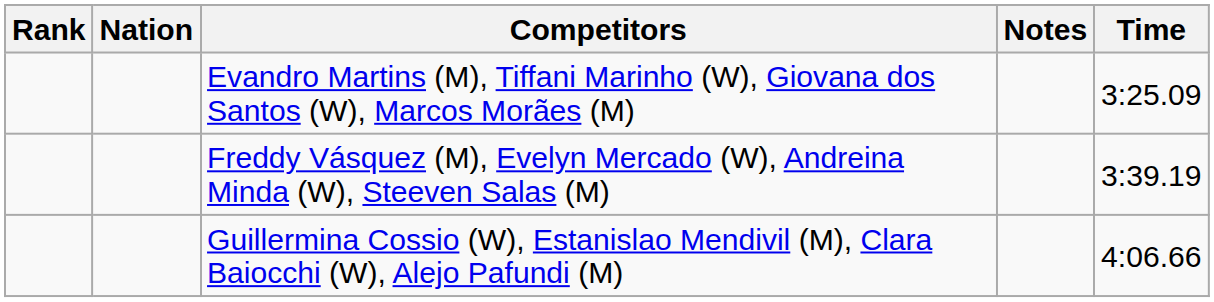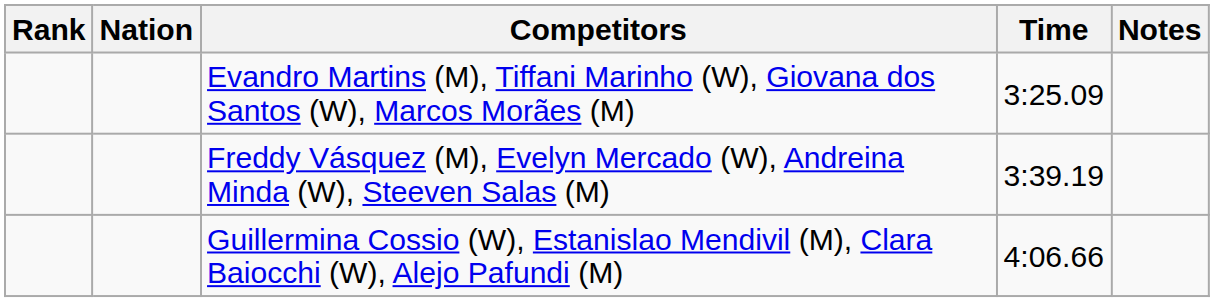 <table class="wikitable sortable" style="text-align:center; font-size:95%">
 <tr>
 <th>Rank</th>
 <th>Nation</th>
 <th>Competitors</th>
+<th>Time</th>
 <th>Notes</th>
-<th>Time</th>
 </tr>
 <tr>
 <td></td>
 <td align=left></td>
 <td align=left><a href='#'>Evandro Martins</a> (M), <a href='#'>Tiffani Marinho</a> (W), <a href='#'>Giovana dos Santos</a> (W), <a href='#'>Marcos Morães</a> (M)</td>
+<td>3:25.09</td>
 <td></td>
-<td>3:25.09</td>
 </tr>
 <tr>
 <td></td>
 <td align=left></td>
 <td align=left><a href='#'>Freddy Vásquez</a> (M), <a href='#'>Evelyn Mercado</a> (W), <a href='#'>Andreina Minda</a> (W), <a href='#'>Steeven Salas</a> (M)</td>
+<td>3:39.19</td>
 <td></td>
-<td>3:39.19</td>
 </tr>
 <tr>
 <td></td>
 <td align=left></td>
 <td align=left><a href='#'>Guillermina Cossio</a> (W), <a href='#'>Estanislao Mendivil</a> (M), <a href='#'>Clara Baiocchi</a> (W), <a href='#'>Alejo Pafundi</a> (M)</td>
+<td>4:06.66</td>
 <td></td>
-<td>4:06.66</td>
 </tr>
 </table>
